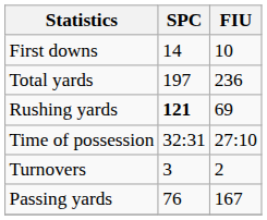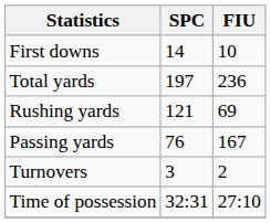 <table class="wikitable" style="float: left;">
 <tr>
 <th>Statistics</th>
 <th>SPC</th>
 <th>FIU</th>
 </tr>
 <tr>
 <td>First downs</td>
 <td>14</td>
 <td>10</td>
 </tr>
 <tr>
 <td>Total yards</td>
 <td>197</td>
 <td>236</td>
 </tr>
 <tr>
 <td>Rushing yards</td>
-<td><strong>121</strong></td>
+<td>121</td>
 <td>69</td>
+</tr>
+<tr>
+<td>Passing yards</td>
+<td>76</td>
+<td>167</td>
+</tr>
+<tr>
+<td>Turnovers</td>
+<td>3</td>
+<td>2</td>
 </tr>
 <tr>
 <td>Time of possession</td>
 <td>32:31</td>
 <td>27:10</td>
 </tr>
 <tr>
-<td>Turnovers</td>
-<td>3</td>
-<td>2</td>
-</tr>
-<tr>
-<td>Passing yards</td>
-<td>76</td>
-<td>167</td>
-</tr>
-<tr>
 </tr>
 </table>
